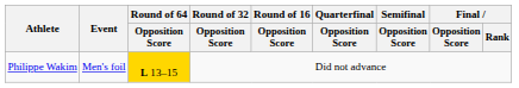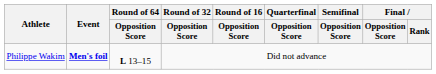 <table class="wikitable" style="font-size:90%">
 <tr>
 <th rowspan="2">Athlete</th>
 <th rowspan="2">Event</th>
 <th>Round of 64</th>
 <th>Round of 32</th>
 <th>Round of 16</th>
 <th>Quarterfinal</th>
 <th>Semifinal</th>
 <th colspan=2>Final / </th>
 </tr>
 <tr style="font-size:95%">
 <th>Opposition <br> Score</th>
 <th>Opposition <br> Score</th>
 <th>Opposition <br> Score</th>
 <th>Opposition <br> Score</th>
 <th>Opposition <br> Score</th>
 <th>Opposition <br> Score</th>
 <th>Rank</th>
 </tr>
 <tr align=center>
 <td align=left><a href='#'>Philippe Wakim</a></td>
-<td align=left><a href='#'>Men's foil</a></td>
-<td style="background: gold;"><br><strong>L</strong> 13–15</td>
+<td align=left><strong><a href='#'>Men's foil</a></strong></td>
+<td><br><strong>L</strong> 13–15</td>
 <td colspan=6>Did not advance</td>
 </tr>
 </table>
